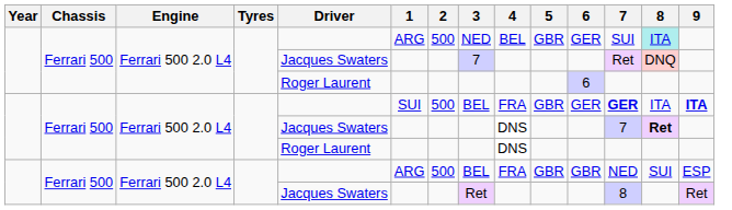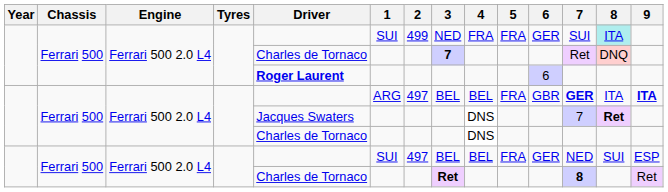 <table class="wikitable" style="text-align:center; font-size:90%">
 <tr>
 <th>Year</th>
 <th>Chassis</th>
 <th>Engine</th>
 <th>Tyres</th>
 <th>Driver</th>
 <th>1</th>
 <th>2</th>
 <th>3</th>
 <th>4</th>
 <th>5</th>
 <th>6</th>
 <th>7</th>
 <th>8</th>
 <th>9</th>
 </tr>
 <tr>
 <td rowspan="3"></td>
 <td rowspan="3"><a href='#'>Ferrari</a> <a href='#'>500</a></td>
 <td rowspan="3"><a href='#'>Ferrari</a> 500 2.0 <a href='#'>L4</a></td>
 <td rowspan="3"></td>
 <td></td>
-<td><a href='#'>ARG</a></td>
-<td><a href='#'>500</a></td>
+<td><a href='#'>SUI</a></td>
+<td><a href='#'>499</a></td>
 <td><a href='#'>NED</a></td>
-<td><a href='#'>BEL</a></td>
-<td><a href='#'>GBR</a></td>
+<td><a href='#'>FRA</a></td>
+<td><a href='#'>FRA</a></td>
 <td><a href='#'>GER</a></td>
 <td><a href='#'>SUI</a></td>
 <td style="background: paleturquoise;"><a href='#'>ITA</a></td>
 <td></td>
 </tr>
 <tr>
-<td align="left"> <a href='#'>Jacques Swaters</a></td>
+<td align="left"> <a href='#'>Charles de Tornaco</a></td>
 <td></td>
 <td></td>
-<td style="background:#CFCFFF;">7</td>
+<td style="background:#CFCFFF;"><strong>7</strong></td>
 <td></td>
 <td></td>
 <td></td>
 <td style="background:#EFCFFF;">Ret</td>
 <td style="background:#FFCFCF;">DNQ</td>
 <td></td>
 </tr>
 <tr>
-<td align="left"> <a href='#'>Roger Laurent</a></td>
+<td align="left"><strong> <a href='#'>Roger Laurent</a></strong></td>
 <td></td>
 <td></td>
 <td></td>
 <td></td>
 <td></td>
 <td style="background:#CFCFFF;">6</td>
 <td></td>
 <td></td>
 <td></td>
 </tr>
 <tr>
 <td rowspan="3"></td>
 <td rowspan="3"><a href='#'>Ferrari</a> <a href='#'>500</a></td>
 <td rowspan="3"><a href='#'>Ferrari</a> 500 2.0 <a href='#'>L4</a></td>
 <td rowspan="3"></td>
 <td></td>
-<td><a href='#'>SUI</a></td>
-<td><a href='#'>500</a></td>
+<td><a href='#'>ARG</a></td>
+<td><a href='#'>497</a></td>
+<td><a href='#'>BEL</a></td>
 <td><a href='#'>BEL</a></td>
 <td><a href='#'>FRA</a></td>
 <td><a href='#'>GBR</a></td>
-<td><a href='#'>GER</a></td>
 <td><strong><a href='#'>GER</a></strong></td>
 <td><a href='#'>ITA</a></td>
 <td><strong><a href='#'>ITA</a></strong></td>
 </tr>
 <tr>
 <td align="left"> <a href='#'>Jacques Swaters</a></td>
 <td></td>
 <td></td>
 <td></td>
 <td style="background:#ffffff;">DNS</td>
 <td></td>
 <td></td>
 <td style="background:#CFCFFF;">7</td>
 <td style="background:#EFCFFF;"><strong>Ret</strong></td>
 <td></td>
 </tr>
 <tr>
-<td align="left"> <a href='#'>Roger Laurent</a></td>
+<td align="left"> <a href='#'>Charles de Tornaco</a></td>
 <td></td>
 <td></td>
 <td></td>
 <td style="background:#ffffff;">DNS</td>
 <td></td>
 <td></td>
 <td></td>
 <td></td>
 <td></td>
 </tr>
 <tr>
 <td rowspan="2"></td>
 <td rowspan="2"><a href='#'>Ferrari</a> <a href='#'>500</a></td>
 <td rowspan="2"><a href='#'>Ferrari</a> 500 2.0 <a href='#'>L4</a></td>
 <td rowspan="2"></td>
 <td></td>
-<td><a href='#'>ARG</a></td>
-<td><a href='#'>500</a></td>
+<td><a href='#'>SUI</a></td>
+<td><a href='#'>497</a></td>
+<td><a href='#'>BEL</a></td>
 <td><a href='#'>BEL</a></td>
 <td><a href='#'>FRA</a></td>
-<td><a href='#'>GBR</a></td>
-<td><a href='#'>GBR</a></td>
+<td><a href='#'>GER</a></td>
 <td><a href='#'>NED</a></td>
 <td><a href='#'>SUI</a></td>
 <td><a href='#'>ESP</a></td>
 </tr>
 <tr>
-<td align="left"> <a href='#'>Jacques Swaters</a></td>
+<td align="left"> <a href='#'>Charles de Tornaco</a></td>
 <td></td>
 <td></td>
-<td style="background:#EFCFFF;">Ret</td>
+<td style="background:#EFCFFF;"><strong>Ret</strong></td>
 <td></td>
 <td></td>
 <td></td>
-<td style="background:#CFCFFF;">8</td>
+<td style="background:#CFCFFF;"><strong>8</strong></td>
 <td></td>
 <td style="background:#EFCFFF;">Ret</td>
 </tr>
 </table>
